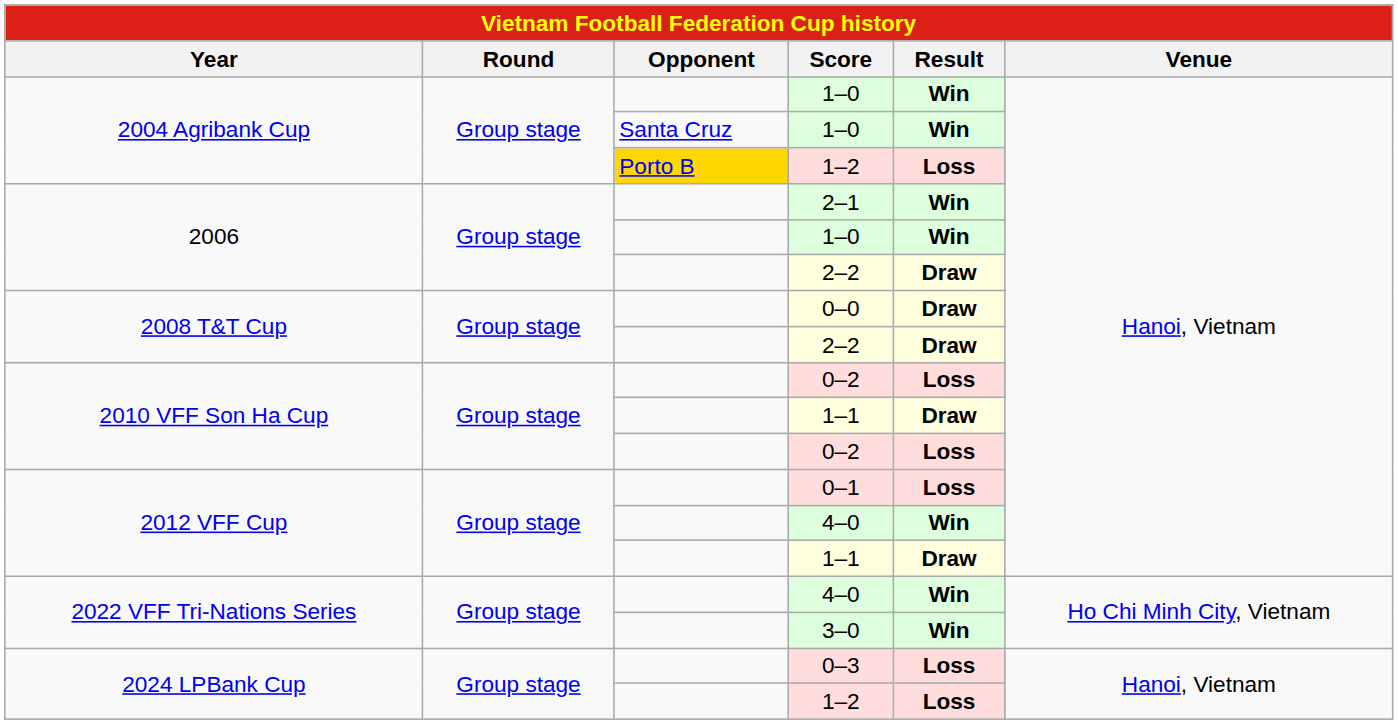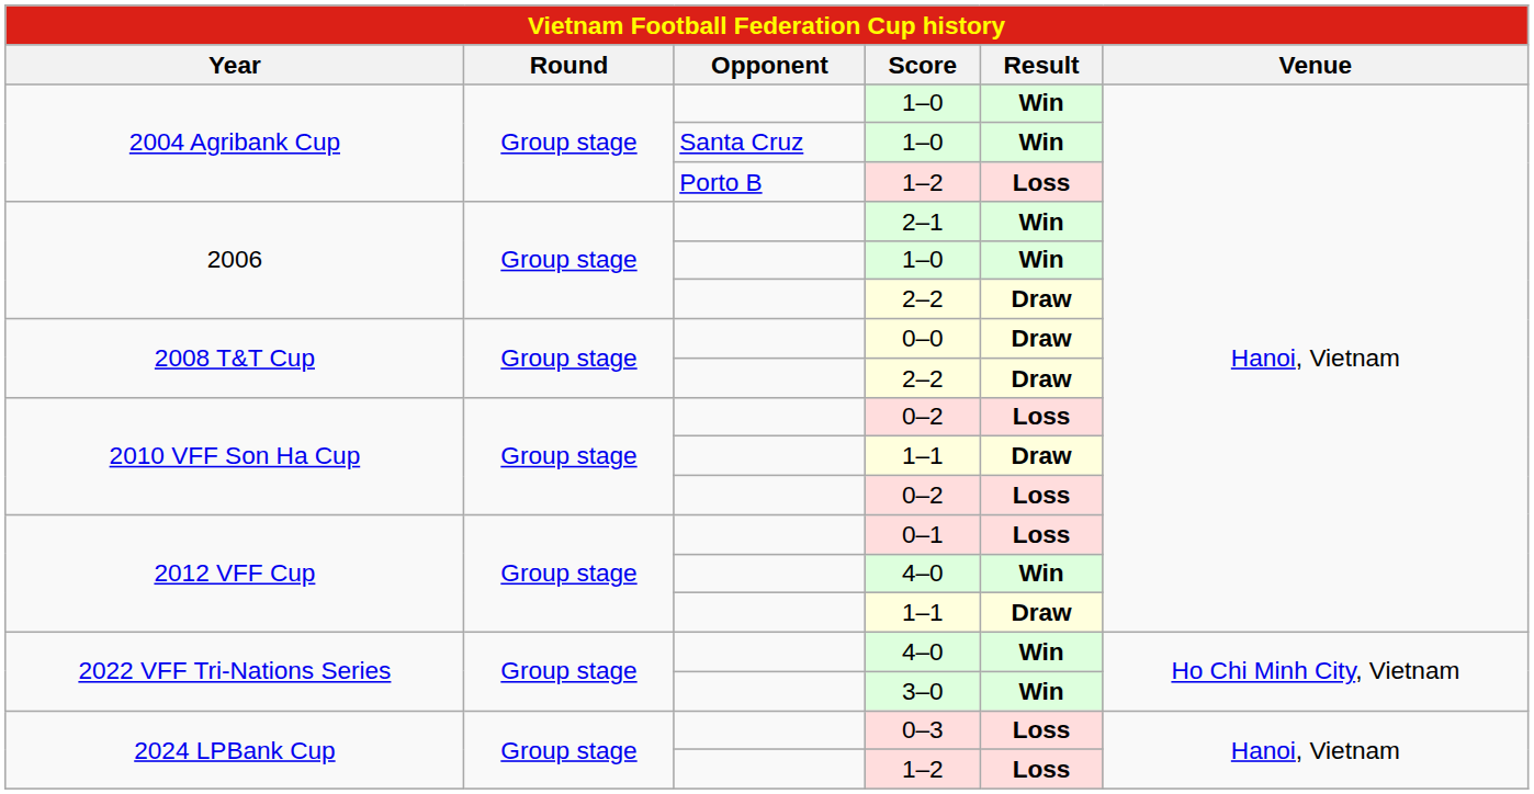 <table class="wikitable collapsible collapsed" style="text-align:center; font-size:90%; width:70%;">
 <tr>
 <th colspan="6" style="background: #DB2017; color: #FFFF00;">Vietnam Football Federation Cup history</th>
 </tr>
 <tr>
 <th>Year</th>
 <th>Round</th>
 <th>Opponent</th>
 <th>Score</th>
 <th>Result</th>
 <th>Venue</th>
 </tr>
 <tr>
 <td rowspan="3"><a href='#'>2004 Agribank Cup</a></td>
 <td rowspan="3"><a href='#'>Group stage</a></td>
 <td style="text-align:left"></td>
 <td style="background:#dfd;">1–0</td>
 <td style="background:#dfd;"><strong>Win</strong></td>
 <td rowspan="14"> <a href='#'>Hanoi</a>, Vietnam</td>
 </tr>
 <tr>
 <td style="text-align:left"> <a href='#'>Santa Cruz</a></td>
 <td style="background:#dfd;">1–0</td>
 <td style="background:#dfd;"><strong>Win</strong></td>
 </tr>
 <tr>
-<td style="background: gold; text-align:left"> <a href='#'>Porto B</a></td>
+<td style="text-align:left"> <a href='#'>Porto B</a></td>
 <td style="background:#fdd;">1–2</td>
 <td style="background:#fdd;"><strong>Loss</strong></td>
 </tr>
 <tr>
 <td rowspan="3">2006</td>
 <td rowspan="3"><a href='#'>Group stage</a></td>
 <td style="text-align:left"></td>
 <td style="background:#dfd;">2–1</td>
 <td style="background:#dfd;"><strong>Win</strong></td>
 </tr>
 <tr>
 <td style="text-align:left"></td>
 <td style="background:#dfd;">1–0</td>
 <td style="background:#dfd;"><strong>Win</strong></td>
 </tr>
 <tr>
 <td style="text-align:left"></td>
 <td style="background:#ffd;">2–2</td>
 <td style="background:#ffd;"><strong>Draw</strong></td>
 </tr>
 <tr>
 <td rowspan="2"><a href='#'>2008 T&T Cup</a></td>
 <td rowspan="2"><a href='#'>Group stage</a></td>
 <td style="text-align:left"></td>
 <td style="background:#ffd;">0–0</td>
 <td style="background:#ffd;"><strong>Draw</strong></td>
 </tr>
 <tr>
 <td style="text-align:left"></td>
 <td style="background:#ffd;">2–2</td>
 <td style="background:#ffd;"><strong>Draw</strong></td>
 </tr>
 <tr>
 <td rowspan="3"><a href='#'>2010 VFF Son Ha Cup</a></td>
 <td rowspan="3"><a href='#'>Group stage</a></td>
 <td style="text-align:left"></td>
 <td style="background:#fdd;">0–2</td>
 <td style="background:#fdd;"><strong>Loss</strong></td>
 </tr>
 <tr>
 <td style="text-align:left"></td>
 <td style="background:#ffd;">1–1</td>
 <td style="background:#ffd;"><strong>Draw</strong></td>
 </tr>
 <tr>
 <td style="text-align:left"></td>
 <td style="background:#fdd;">0–2</td>
 <td style="background:#fdd;"><strong>Loss</strong></td>
 </tr>
 <tr>
 <td rowspan="3"><a href='#'>2012 VFF Cup</a></td>
 <td rowspan="3"><a href='#'>Group stage</a></td>
 <td style="text-align:left"></td>
 <td style="background:#fdd;">0–1</td>
 <td style="background:#fdd;"><strong>Loss</strong></td>
 </tr>
 <tr>
 <td style="text-align:left"></td>
 <td style="background:#dfd;">4–0</td>
 <td style="background:#dfd;"><strong>Win</strong></td>
 </tr>
 <tr>
 <td style="text-align:left"></td>
 <td style="background:#ffd;">1–1</td>
 <td style="background:#ffd;"><strong>Draw</strong></td>
 </tr>
 <tr>
 <td rowspan="2"><a href='#'>2022 VFF Tri-Nations Series</a></td>
 <td rowspan="2"><a href='#'>Group stage</a></td>
 <td style="text-align:left"></td>
 <td style="background:#dfd;">4–0</td>
 <td style="background:#dfd;"><strong>Win</strong></td>
 <td rowspan="2"> <a href='#'>Ho Chi Minh City</a>, Vietnam</td>
 </tr>
 <tr>
 <td style="text-align:left"></td>
 <td style="background:#dfd;">3–0</td>
 <td style="background:#dfd;"><strong>Win</strong></td>
 </tr>
 <tr>
 <td rowspan="2"><a href='#'>2024 LPBank Cup</a></td>
 <td rowspan="2"><a href='#'>Group stage</a></td>
 <td style="text-align:left"></td>
 <td style="background:#fdd;">0–3</td>
 <td style="background:#fdd;"><strong>Loss</strong></td>
 <td rowspan="2"> <a href='#'>Hanoi</a>, Vietnam</td>
 </tr>
 <tr>
 <td style="text-align:left"></td>
 <td style="background:#fdd;">1–2</td>
 <td style="background:#fdd;"><strong>Loss</strong></td>
 </tr>
 </table>
